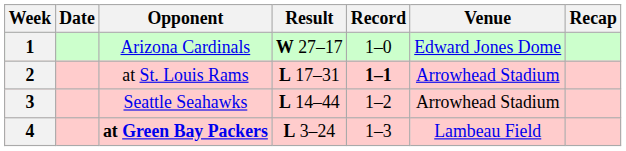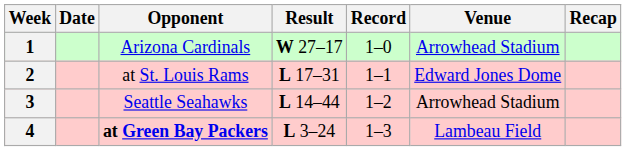 <table class="wikitable" style="text-align:center">
 <tr>
 <th>Week</th>
 <th>Date</th>
 <th>Opponent</th>
 <th>Result</th>
 <th>Record</th>
 <th>Venue</th>
 <th>Recap</th>
 </tr>
 <tr style="background:#cfc">
 <th>1</th>
 <td></td>
 <td><a href='#'>Arizona Cardinals</a></td>
 <td><strong>W</strong> 27–17</td>
 <td>1–0</td>
-<td><a href='#'>Edward Jones Dome</a></td>
+<td><a href='#'>Arrowhead Stadium</a></td>
 <td></td>
 </tr>
 <tr style="background:#fcc">
 <th>2</th>
 <td></td>
 <td>at <a href='#'>St. Louis Rams</a></td>
 <td><strong>L</strong> 17–31</td>
-<td><strong>1–1</strong></td>
-<td><a href='#'>Arrowhead Stadium</a></td>
+<td>1–1</td>
+<td><a href='#'>Edward Jones Dome</a></td>
 <td></td>
 </tr>
 <tr style="background:#fcc">
 <th>3</th>
 <td></td>
 <td><a href='#'>Seattle Seahawks</a></td>
 <td><strong>L</strong> 14–44</td>
 <td>1–2</td>
 <td>Arrowhead Stadium</td>
 <td></td>
 </tr>
 <tr style="background:#fcc">
 <th>4</th>
 <td></td>
 <td><strong>at <a href='#'>Green Bay Packers</a></strong></td>
 <td><strong>L</strong> 3–24</td>
 <td>1–3</td>
 <td><a href='#'>Lambeau Field</a></td>
 <td></td>
 </tr>
 </table>
